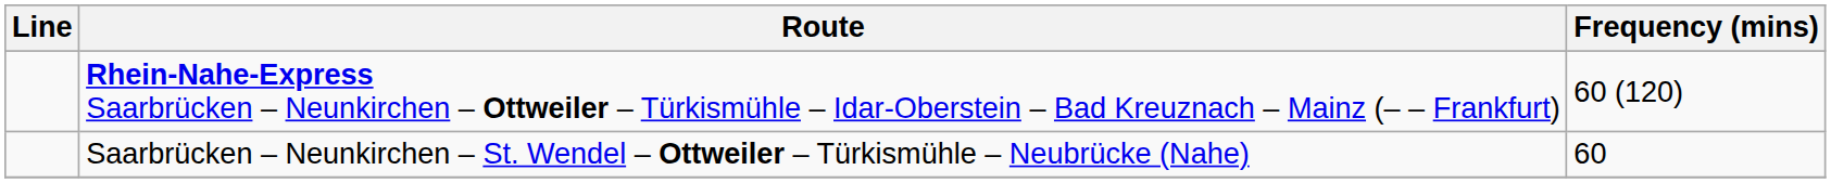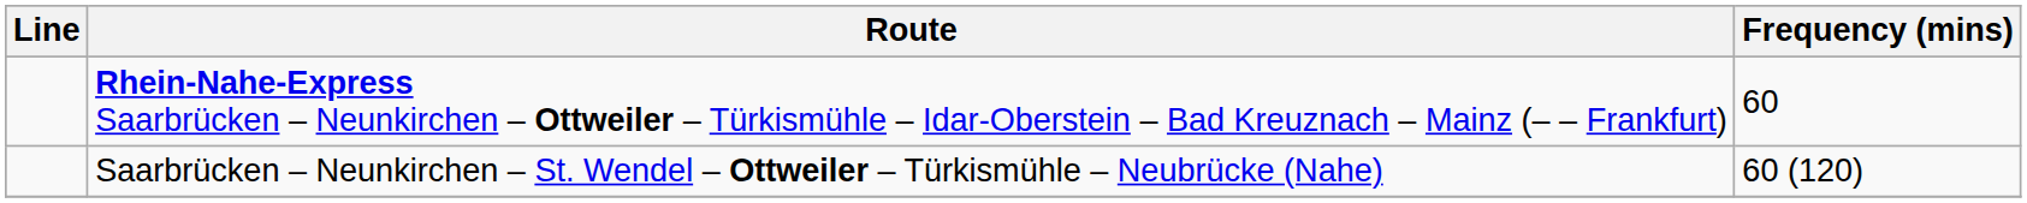 <table class="wikitable">
 <tr>
 <th>Line</th>
 <th>Route</th>
 <th>Frequency (mins)</th>
 </tr>
 <tr>
 <td></td>
 <td><strong><a href='#'>Rhein-Nahe-Express</a></strong><br><a href='#'>Saarbrücken</a> – <a href='#'>Neunkirchen</a> – <strong>Ottweiler</strong> – <a href='#'>Türkismühle</a> – <a href='#'>Idar-Oberstein</a> – <a href='#'>Bad Kreuznach</a> – <a href='#'>Mainz</a> (–  – <a href='#'>Frankfurt</a>)</td>
-<td>60 (120)</td>
+<td>60</td>
 </tr>
 <tr>
 <td></td>
 <td>Saarbrücken – Neunkirchen – <a href='#'>St. Wendel</a> – <strong>Ottweiler</strong> – Türkismühle – <a href='#'>Neubrücke (Nahe)</a></td>
-<td>60</td>
+<td>60 (120)</td>
 </tr>
 <tr>
 </tr>
 </table>
